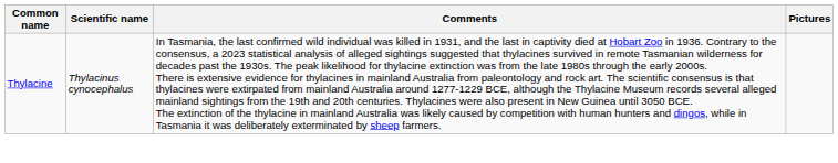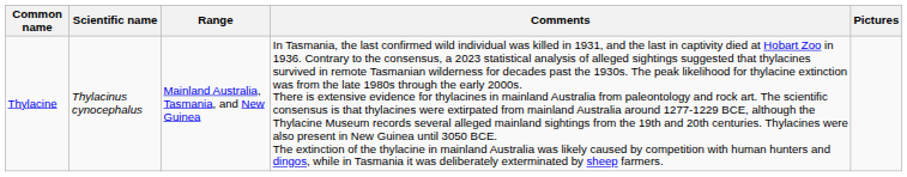 <table class="wikitable">
 <tr>
 <th>Common name</th>
 <th>Scientific name</th>
+<th>Range</th>
 <th class="unsortable">Comments</th>
 <th class="unsortable">Pictures</th>
 </tr>
 <tr>
 <td><a href='#'>Thylacine</a></td>
 <td><em>Thylacinus cynocephalus</em></td>
+<td><a href='#'>Mainland Australia</a>, <a href='#'>Tasmania</a>, and <a href='#'>New Guinea</a></td>
 <td>In Tasmania, the last confirmed wild individual was killed in 1931, and the last in captivity died at <a href='#'>Hobart Zoo</a> in 1936. Contrary to the consensus, a 2023 statistical analysis of alleged sightings suggested that thylacines survived in remote Tasmanian wilderness for decades past the 1930s. The peak likelihood for thylacine extinction was from the late 1980s through the early 2000s.<br>There is extensive evidence for thylacines in mainland Australia from paleontology and rock art. The scientific consensus is that thylacines were extirpated from mainland Australia around 1277-1229 BCE, although the Thylacine Museum records several alleged mainland sightings from the 19th and 20th centuries. Thylacines were also present in New Guinea until 3050 BCE.<br>The extinction of the thylacine in mainland Australia was likely caused by competition with human hunters and <a href='#'>dingos</a>, while in Tasmania it was deliberately exterminated by <a href='#'>sheep</a> farmers.</td>
 <td></td>
 </tr>
 </table>
